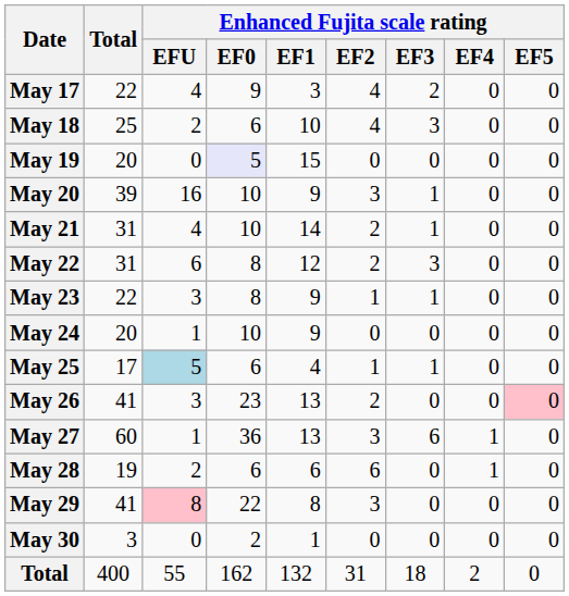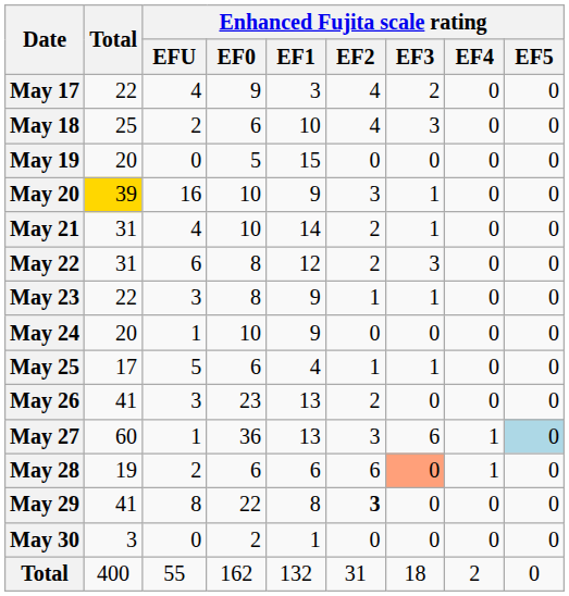 <table class="wikitable sortable" style="margin: 1em auto 1em auto;">
 <tr>
 <th scope="col" rowspan="2">Date</th>
 <th scope="col" rowspan="2" style="text-align:center;">Total</th>
 <th scope="col" colspan="7" style="text-align:center;"><a href='#'>Enhanced Fujita scale</a> rating</th>
 </tr>
 <tr>
 <th scope="col" style="text-align:center;"> EFU </th>
 <th scope="col" style="text-align:center;"> EF0 </th>
 <th scope="col" style="text-align:center;"> EF1 </th>
 <th scope="col" style="text-align:center;"> EF2 </th>
 <th scope="col" style="text-align:center;"> EF3 </th>
 <th scope="col" style="text-align:center;"> EF4 </th>
 <th scope="col" style="text-align:center;"> EF5 </th>
 </tr>
 <tr>
 <th scope="row">May 17</th>
 <td align="right">22</td>
 <td align="right">4</td>
 <td align="right">9</td>
 <td align="right">3</td>
 <td align="right">4</td>
 <td align="right">2</td>
 <td align="right">0</td>
 <td align="right">0</td>
 </tr>
 <tr>
 <th scope="row">May 18</th>
 <td align="right">25</td>
 <td align="right">2</td>
 <td align="right">6</td>
 <td align="right">10</td>
 <td align="right">4</td>
 <td align="right">3</td>
 <td align="right">0</td>
 <td align="right">0</td>
 </tr>
 <tr>
 <th scope="row">May 19</th>
 <td align="right">20</td>
 <td align="right">0</td>
-<td align="right" style="background: lavender;">5</td>
+<td align="right">5</td>
 <td align="right">15</td>
 <td align="right">0</td>
 <td align="right">0</td>
 <td align="right">0</td>
 <td align="right">0</td>
 </tr>
 <tr>
 <th scope="row">May 20</th>
-<td align="right">39</td>
+<td align="right" style="background: gold;">39</td>
 <td align="right">16</td>
 <td align="right">10</td>
 <td align="right">9</td>
 <td align="right">3</td>
 <td align="right">1</td>
 <td align="right">0</td>
 <td align="right">0</td>
 </tr>
 <tr>
 <th scope="row">May 21</th>
 <td align="right">31</td>
 <td align="right">4</td>
 <td align="right">10</td>
 <td align="right">14</td>
 <td align="right">2</td>
 <td align="right">1</td>
 <td align="right">0</td>
 <td align="right">0</td>
 </tr>
 <tr>
 <th scope="row">May 22</th>
 <td align="right">31</td>
 <td align="right">6</td>
 <td align="right">8</td>
 <td align="right">12</td>
 <td align="right">2</td>
 <td align="right">3</td>
 <td align="right">0</td>
 <td align="right">0</td>
 </tr>
 <tr>
 <th scope="row">May 23</th>
 <td align="right">22</td>
 <td align="right">3</td>
 <td align="right">8</td>
 <td align="right">9</td>
 <td align="right">1</td>
 <td align="right">1</td>
 <td align="right">0</td>
 <td align="right">0</td>
 </tr>
 <tr>
 <th scope="row">May 24</th>
 <td align="right">20</td>
 <td align="right">1</td>
 <td align="right">10</td>
 <td align="right">9</td>
 <td align="right">0</td>
 <td align="right">0</td>
 <td align="right">0</td>
 <td align="right">0</td>
 </tr>
 <tr>
 <th scope="row">May 25</th>
 <td align="right">17</td>
-<td align="right" style="background: lightblue;">5</td>
+<td align="right">5</td>
 <td align="right">6</td>
 <td align="right">4</td>
 <td align="right">1</td>
 <td align="right">1</td>
 <td align="right">0</td>
 <td align="right">0</td>
 </tr>
 <tr>
 <th scope="row">May 26</th>
 <td align="right">41</td>
 <td align="right">3</td>
 <td align="right">23</td>
 <td align="right">13</td>
 <td align="right">2</td>
 <td align="right">0</td>
 <td align="right">0</td>
-<td align="right" style="background: pink;">0</td>
+<td align="right">0</td>
 </tr>
 <tr>
 <th scope="row">May 27</th>
 <td align="right">60</td>
 <td align="right">1</td>
 <td align="right">36</td>
 <td align="right">13</td>
 <td align="right">3</td>
 <td align="right">6</td>
 <td align="right">1</td>
-<td align="right">0</td>
+<td align="right" style="background: lightblue;">0</td>
 </tr>
 <tr>
 <th scope="row">May 28</th>
 <td align="right">19</td>
 <td align="right">2</td>
 <td align="right">6</td>
 <td align="right">6</td>
 <td align="right">6</td>
-<td align="right">0</td>
+<td align="right" style="background: lightsalmon;">0</td>
 <td align="right">1</td>
 <td align="right">0</td>
 </tr>
 <tr>
 <th scope="row">May 29</th>
 <td align="right">41</td>
-<td align="right" style="background: pink;">8</td>
+<td align="right">8</td>
 <td align="right">22</td>
 <td align="right">8</td>
-<td align="right">3</td>
+<td align="right"><strong>3</strong></td>
 <td align="right">0</td>
 <td align="right">0</td>
 <td align="right">0</td>
 </tr>
 <tr>
 <th scope="row">May 30</th>
 <td align="right">3</td>
 <td align="right">0</td>
 <td align="right">2</td>
 <td align="right">1</td>
 <td align="right">0</td>
 <td align="right">0</td>
 <td align="right">0</td>
 <td align="right">0</td>
 </tr>
 <tr class="sortbottom">
 <th scope="row">Total</th>
 <td style="text-align:center;">400</td>
 <td style="text-align:center;">55</td>
 <td style="text-align:center;">162</td>
 <td style="text-align:center;">132</td>
 <td style="text-align:center;">31</td>
 <td style="text-align:center;">18</td>
 <td style="text-align:center;">2</td>
 <td style="text-align:center;">0</td>
 </tr>
 </table>
